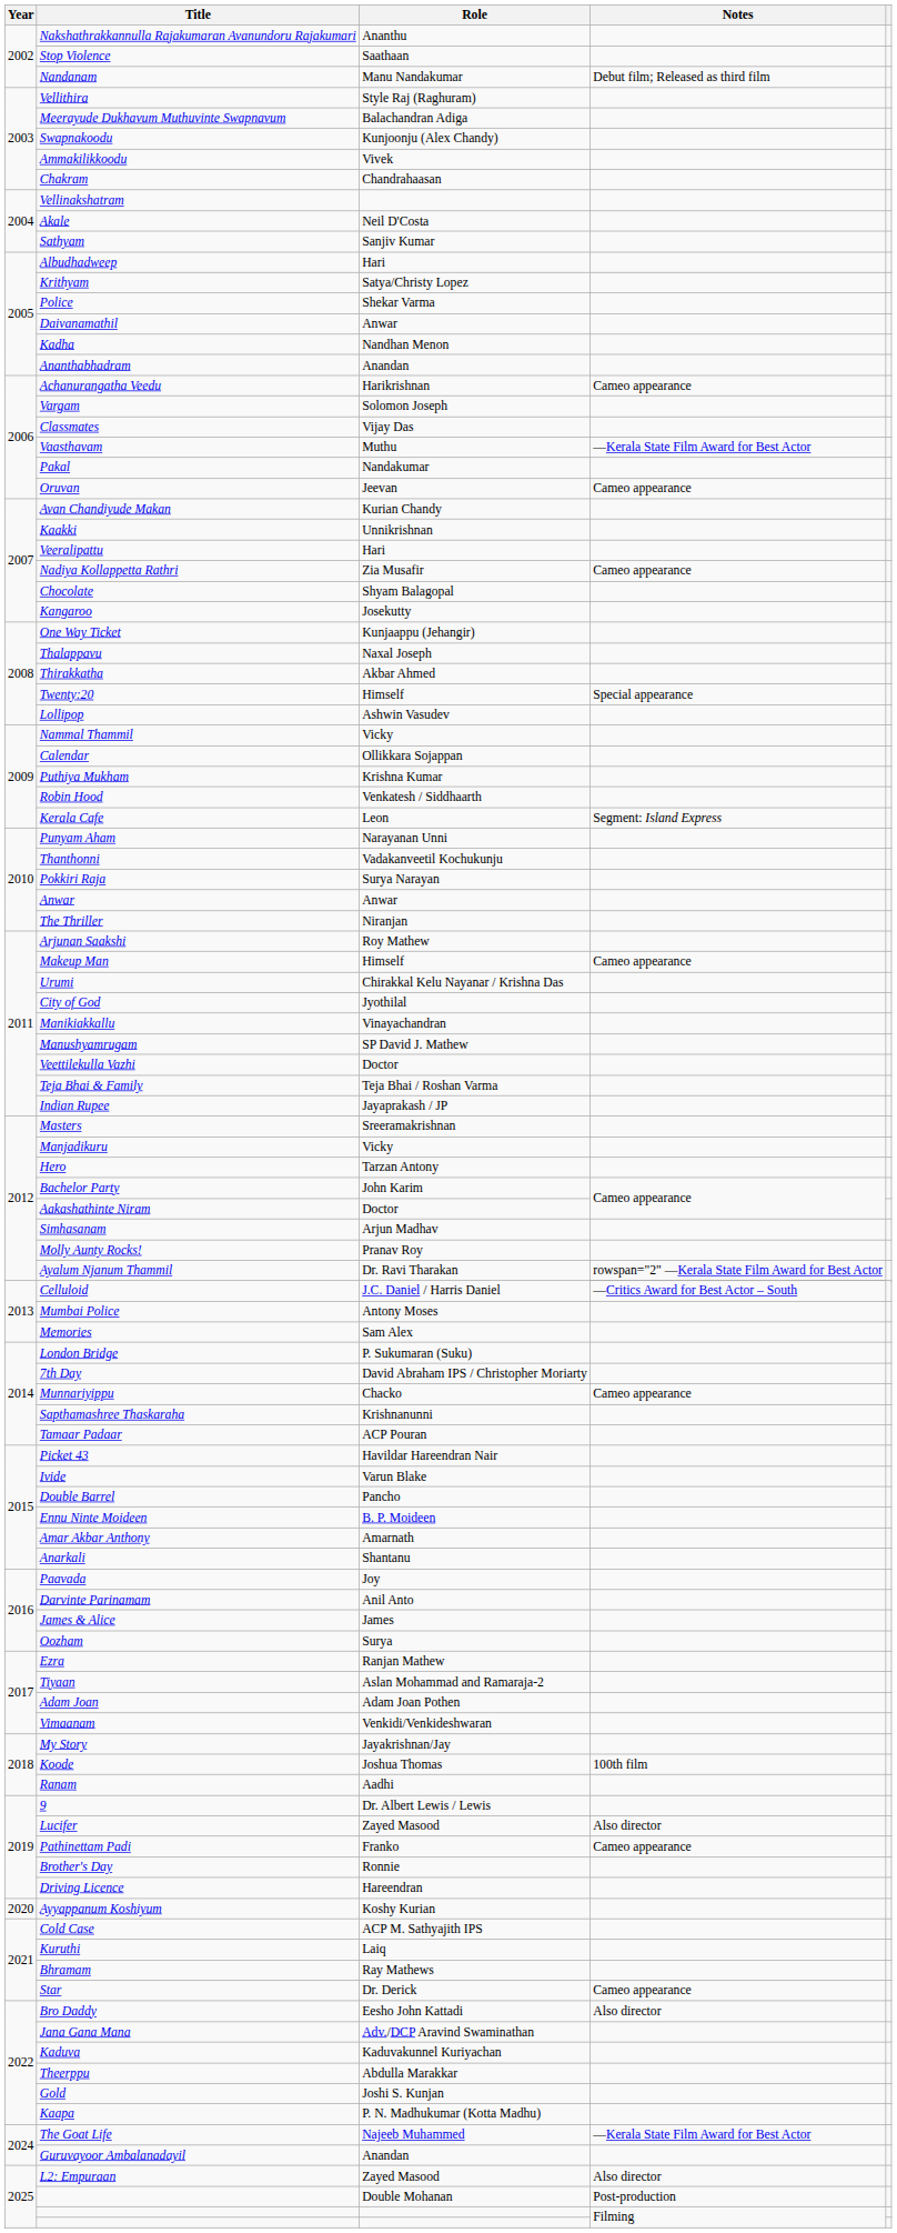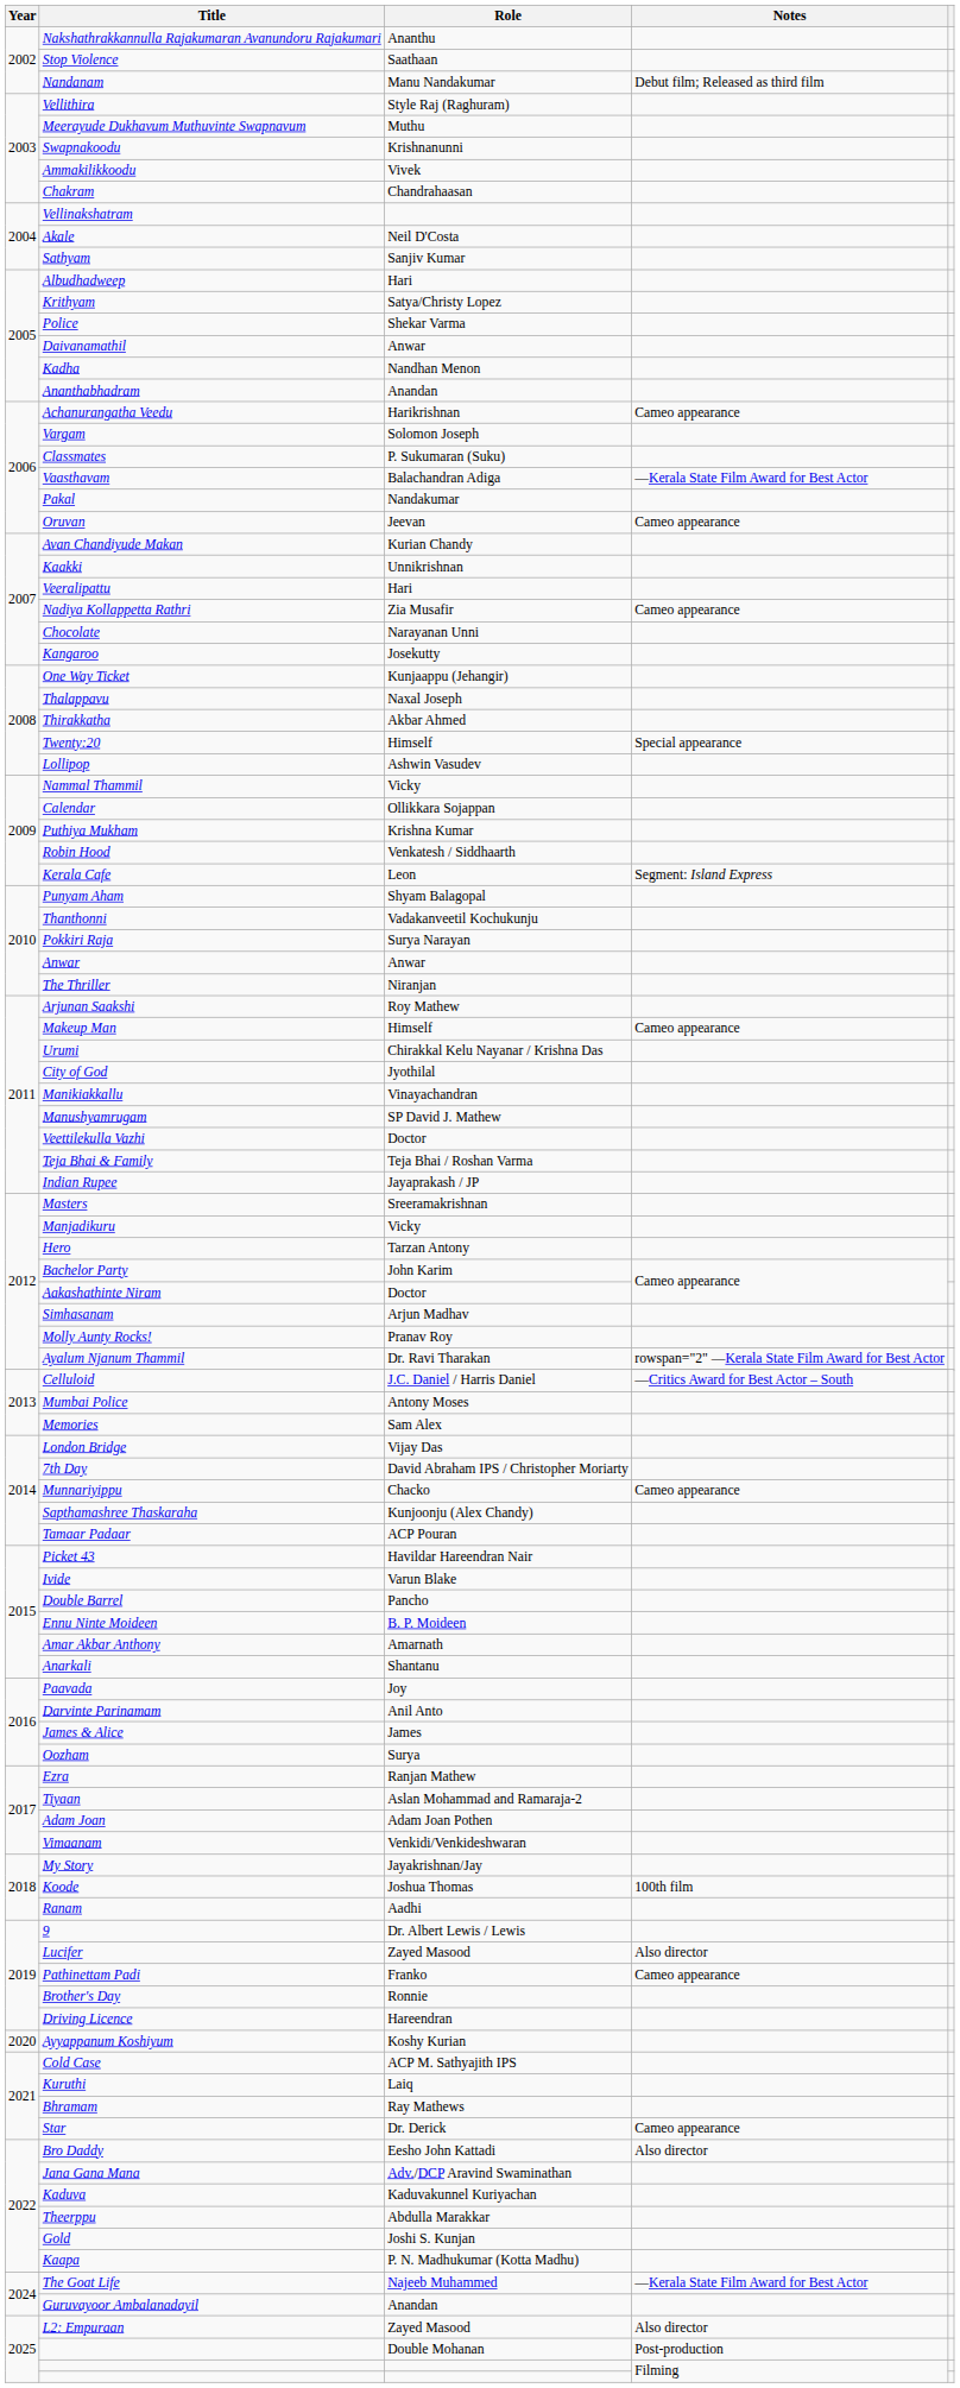 <table class="wikitable sortable">
 <tr>
 <th scope="col">Year</th>
 <th scope="col">Title</th>
 <th scope="col">Role</th>
 <th scope="col" class="unsortable">Notes</th>
 <th scope="col" class="unsortable"></th>
 </tr>
 <tr>
 <td rowspan="3">2002</td>
 <td><em><a href='#'>Nakshathrakkannulla Rajakumaran Avanundoru Rajakumari</a></em></td>
 <td>Ananthu</td>
 <td></td>
 <td></td>
 </tr>
 <tr>
 <td><em><a href='#'>Stop Violence</a></em></td>
 <td>Saathaan</td>
 <td></td>
 <td></td>
 </tr>
 <tr>
 <td><em><a href='#'>Nandanam</a></em></td>
 <td>Manu Nandakumar</td>
 <td>Debut film; Released as third film</td>
 <td></td>
 </tr>
 <tr>
 <td rowspan="5">2003</td>
 <td><em><a href='#'>Vellithira</a></em></td>
 <td>Style Raj (Raghuram)</td>
 <td></td>
 <td></td>
 </tr>
 <tr>
 <td><em><a href='#'>Meerayude Dukhavum Muthuvinte Swapnavum</a></em></td>
-<td>Balachandran Adiga</td>
+<td>Muthu</td>
 <td></td>
 <td></td>
 </tr>
 <tr>
 <td><em><a href='#'>Swapnakoodu</a></em></td>
-<td>Kunjoonju (Alex Chandy)</td>
+<td>Krishnanunni</td>
 <td></td>
 <td></td>
 </tr>
 <tr>
 <td><em><a href='#'>Ammakilikkoodu</a></em></td>
 <td>Vivek</td>
 <td></td>
 <td></td>
 </tr>
 <tr>
 <td><em><a href='#'>Chakram</a></em></td>
 <td>Chandrahaasan</td>
 <td></td>
 <td></td>
 </tr>
 <tr>
 <td rowspan="3">2004</td>
 <td><em><a href='#'>Vellinakshatram</a></em></td>
 <td></td>
 <td></td>
 <td></td>
 </tr>
 <tr>
 <td><em><a href='#'>Akale</a></em></td>
 <td>Neil D'Costa</td>
 <td></td>
 <td></td>
 </tr>
 <tr>
 <td><em><a href='#'>Sathyam</a></em></td>
 <td>Sanjiv Kumar</td>
 <td></td>
 <td></td>
 </tr>
 <tr>
 <td rowspan="6">2005</td>
 <td><em><a href='#'>Albudhadweep</a></em></td>
 <td>Hari</td>
 <td></td>
 <td></td>
 </tr>
 <tr>
 <td><em><a href='#'>Krithyam</a></em></td>
 <td>Satya/Christy Lopez</td>
 <td></td>
 <td></td>
 </tr>
 <tr>
 <td><em><a href='#'>Police</a></em></td>
 <td>Shekar Varma</td>
 <td></td>
 <td></td>
 </tr>
 <tr>
 <td><em><a href='#'>Daivanamathil</a></em></td>
 <td>Anwar</td>
 <td></td>
 <td></td>
 </tr>
 <tr>
 <td><em><a href='#'>Kadha</a></em></td>
 <td>Nandhan Menon</td>
 <td></td>
 <td></td>
 </tr>
 <tr>
 <td><em><a href='#'>Ananthabhadram</a></em></td>
 <td>Anandan</td>
 <td></td>
 <td></td>
 </tr>
 <tr>
 <td rowspan="6">2006</td>
 <td><em><a href='#'>Achanurangatha Veedu</a></em></td>
 <td>Harikrishnan</td>
 <td>Cameo appearance</td>
 <td></td>
 </tr>
 <tr>
 <td><em><a href='#'>Vargam</a></em></td>
 <td>Solomon Joseph</td>
 <td></td>
 <td></td>
 </tr>
 <tr>
 <td><em><a href='#'>Classmates</a></em></td>
-<td>Vijay Das</td>
+<td>P. Sukumaran (Suku)</td>
 <td></td>
 <td></td>
 </tr>
 <tr>
 <td><em><a href='#'>Vaasthavam</a></em></td>
-<td>Muthu</td>
+<td>Balachandran Adiga</td>
 <td>—<a href='#'>Kerala State Film Award for Best Actor</a></td>
 <td style="text-align: center;"></td>
 </tr>
 <tr>
 <td><em><a href='#'>Pakal</a></em></td>
 <td>Nandakumar</td>
 <td></td>
 <td></td>
 </tr>
 <tr>
 <td><em><a href='#'>Oruvan</a></em></td>
 <td>Jeevan</td>
 <td>Cameo appearance</td>
 <td></td>
 </tr>
 <tr>
 <td rowspan="6">2007</td>
 <td><em><a href='#'>Avan Chandiyude Makan</a></em></td>
 <td>Kurian Chandy</td>
 <td></td>
 <td></td>
 </tr>
 <tr>
 <td><em><a href='#'>Kaakki</a></em></td>
 <td>Unnikrishnan</td>
 <td></td>
 <td></td>
 </tr>
 <tr>
 <td><em><a href='#'>Veeralipattu</a></em></td>
 <td>Hari</td>
 <td></td>
 <td></td>
 </tr>
 <tr>
 <td><em><a href='#'>Nadiya Kollappetta Rathri</a></em></td>
 <td>Zia Musafir</td>
 <td>Cameo appearance</td>
 <td></td>
 </tr>
 <tr>
 <td><em><a href='#'>Chocolate</a></em></td>
-<td>Shyam Balagopal</td>
+<td>Narayanan Unni</td>
 <td></td>
 <td></td>
 </tr>
 <tr>
 <td><em><a href='#'>Kangaroo</a></em></td>
 <td>Josekutty</td>
 <td></td>
 <td></td>
 </tr>
 <tr>
 <td rowspan="5">2008</td>
 <td><em><a href='#'>One Way Ticket</a></em></td>
 <td>Kunjaappu (Jehangir)</td>
 <td></td>
 <td></td>
 </tr>
 <tr>
 <td><em><a href='#'>Thalappavu</a></em></td>
 <td>Naxal Joseph</td>
 <td></td>
 <td></td>
 </tr>
 <tr>
 <td><em><a href='#'>Thirakkatha</a></em></td>
 <td>Akbar Ahmed</td>
 <td></td>
 <td></td>
 </tr>
 <tr>
 <td><em><a href='#'>Twenty:20</a></em></td>
 <td>Himself</td>
 <td>Special appearance</td>
 <td></td>
 </tr>
 <tr>
 <td><em><a href='#'>Lollipop</a></em></td>
 <td>Ashwin Vasudev</td>
 <td></td>
 <td></td>
 </tr>
 <tr>
 <td rowspan="5">2009</td>
 <td><em><a href='#'>Nammal Thammil</a></em></td>
 <td>Vicky</td>
 <td></td>
 <td></td>
 </tr>
 <tr>
 <td><em><a href='#'>Calendar</a></em></td>
 <td>Ollikkara Sojappan</td>
 <td></td>
 <td></td>
 </tr>
 <tr>
 <td><em><a href='#'>Puthiya Mukham</a></em></td>
 <td>Krishna Kumar</td>
 <td></td>
 <td></td>
 </tr>
 <tr>
 <td><em><a href='#'>Robin Hood</a></em></td>
 <td>Venkatesh / Siddhaarth</td>
 <td></td>
 <td></td>
 </tr>
 <tr>
 <td><em><a href='#'>Kerala Cafe</a></em></td>
 <td>Leon</td>
 <td>Segment: <em>Island Express</em></td>
 <td></td>
 </tr>
 <tr>
 <td rowspan="5">2010</td>
 <td><em><a href='#'>Punyam Aham</a></em></td>
-<td>Narayanan Unni</td>
+<td>Shyam Balagopal</td>
 <td></td>
 <td></td>
 </tr>
 <tr>
 <td><em><a href='#'>Thanthonni</a></em></td>
 <td>Vadakanveetil Kochukunju</td>
 <td></td>
 <td></td>
 </tr>
 <tr>
 <td><em><a href='#'>Pokkiri Raja</a></em></td>
 <td>Surya Narayan</td>
 <td></td>
 <td></td>
 </tr>
 <tr>
 <td><em><a href='#'>Anwar</a></em></td>
 <td>Anwar</td>
 <td></td>
 <td></td>
 </tr>
 <tr>
 <td><em><a href='#'>The Thriller</a></em></td>
 <td>Niranjan</td>
 <td></td>
 <td></td>
 </tr>
 <tr>
 <td rowspan="9">2011</td>
 <td><em><a href='#'>Arjunan Saakshi</a></em></td>
 <td>Roy Mathew</td>
 <td></td>
 <td></td>
 </tr>
 <tr>
 <td><em><a href='#'>Makeup Man</a></em></td>
 <td>Himself</td>
 <td>Cameo appearance</td>
 <td></td>
 </tr>
 <tr>
 <td><em><a href='#'>Urumi</a></em></td>
 <td>Chirakkal Kelu Nayanar / Krishna Das</td>
 <td></td>
 <td></td>
 </tr>
 <tr>
 <td><em><a href='#'>City of God</a></em></td>
 <td>Jyothilal</td>
 <td></td>
 <td></td>
 </tr>
 <tr>
 <td><em><a href='#'>Manikiakkallu</a></em></td>
 <td>Vinayachandran</td>
 <td></td>
 <td></td>
 </tr>
 <tr>
 <td><em><a href='#'>Manushyamrugam</a></em></td>
 <td>SP David J. Mathew</td>
 <td></td>
 <td></td>
 </tr>
 <tr>
 <td><em><a href='#'>Veettilekulla Vazhi</a></em></td>
 <td>Doctor</td>
 <td></td>
 <td></td>
 </tr>
 <tr>
 <td><em><a href='#'>Teja Bhai & Family</a></em></td>
 <td>Teja Bhai / Roshan Varma</td>
 <td></td>
 <td></td>
 </tr>
 <tr>
 <td><em><a href='#'>Indian Rupee</a></em></td>
 <td>Jayaprakash / JP</td>
 <td></td>
 <td></td>
 </tr>
 <tr>
 <td rowspan="8">2012</td>
 <td><em><a href='#'>Masters</a></em></td>
 <td>Sreeramakrishnan</td>
 <td></td>
 <td></td>
 </tr>
 <tr>
 <td><em><a href='#'>Manjadikuru</a></em></td>
 <td>Vicky</td>
 <td></td>
 <td></td>
 </tr>
 <tr>
 <td><em><a href='#'>Hero</a></em></td>
 <td>Tarzan Antony</td>
 <td></td>
 <td></td>
 </tr>
 <tr>
 <td><em><a href='#'>Bachelor Party</a></em></td>
 <td>John Karim</td>
 <td rowspan="2">Cameo appearance</td>
 <td></td>
 </tr>
 <tr>
 <td><em><a href='#'>Aakashathinte Niram</a></em></td>
 <td>Doctor</td>
 <td></td>
 </tr>
 <tr>
 <td><em><a href='#'>Simhasanam</a></em></td>
 <td>Arjun Madhav</td>
 <td></td>
 <td></td>
 </tr>
 <tr>
 <td><em><a href='#'>Molly Aunty Rocks!</a></em></td>
 <td>Pranav Roy</td>
 <td></td>
 <td></td>
 </tr>
 <tr>
 <td><em><a href='#'>Ayalum Njanum Thammil</a></em></td>
 <td>Dr. Ravi Tharakan</td>
 <td>rowspan="2" —<a href='#'>Kerala State Film Award for Best Actor</a></td>
 <td rowspan="2" style="text-align: center;"></td>
 </tr>
 <tr>
 <td rowspan="4">2013</td>
 <td rowspan="2"><em><a href='#'>Celluloid</a></em></td>
 <td rowspan="2"><a href='#'>J.C. Daniel</a> / Harris Daniel</td>
 </tr>
 <tr>
 <td>—<a href='#'>Critics Award for Best Actor – South</a></td>
 <td style="text-align: center;"></td>
 </tr>
 <tr>
 <td><em><a href='#'>Mumbai Police</a></em></td>
 <td>Antony Moses</td>
 <td></td>
 <td></td>
 </tr>
 <tr>
 <td><em><a href='#'>Memories</a></em></td>
 <td>Sam Alex</td>
 <td></td>
 <td></td>
 </tr>
 <tr>
 <td rowspan="5">2014</td>
 <td><em><a href='#'>London Bridge</a></em></td>
-<td>P. Sukumaran (Suku)</td>
+<td>Vijay Das</td>
 <td></td>
 <td></td>
 </tr>
 <tr>
 <td><em><a href='#'>7th Day</a></em></td>
 <td>David Abraham IPS / Christopher Moriarty</td>
 <td></td>
 <td></td>
 </tr>
 <tr>
 <td><em><a href='#'>Munnariyippu</a></em></td>
 <td>Chacko</td>
 <td>Cameo appearance</td>
 <td></td>
 </tr>
 <tr>
 <td><em><a href='#'>Sapthamashree Thaskaraha</a></em></td>
-<td>Krishnanunni</td>
+<td>Kunjoonju (Alex Chandy)</td>
 <td></td>
 <td></td>
 </tr>
 <tr>
 <td><em><a href='#'>Tamaar Padaar</a></em></td>
 <td>ACP Pouran</td>
 <td></td>
 <td></td>
 </tr>
 <tr>
 <td rowspan="6">2015</td>
 <td><em><a href='#'>Picket 43</a></em></td>
 <td>Havildar Hareendran Nair</td>
 <td></td>
 <td></td>
 </tr>
 <tr>
 <td><em><a href='#'>Ivide</a></em></td>
 <td>Varun Blake</td>
 <td></td>
 <td></td>
 </tr>
 <tr>
 <td><em><a href='#'>Double Barrel</a></em></td>
 <td>Pancho</td>
 <td></td>
 <td></td>
 </tr>
 <tr>
 <td><em><a href='#'>Ennu Ninte Moideen</a></em></td>
 <td><a href='#'>B. P. Moideen</a></td>
 <td></td>
 <td></td>
 </tr>
 <tr>
 <td><em><a href='#'>Amar Akbar Anthony</a></em></td>
 <td>Amarnath</td>
 <td></td>
 <td></td>
 </tr>
 <tr>
 <td><em><a href='#'>Anarkali</a></em></td>
 <td>Shantanu</td>
 <td></td>
 <td></td>
 </tr>
 <tr>
 <td rowspan="4">2016</td>
 <td><em><a href='#'>Paavada</a></em></td>
 <td>Joy</td>
 <td></td>
 <td></td>
 </tr>
 <tr>
 <td><em><a href='#'>Darvinte Parinamam</a></em></td>
 <td>Anil Anto</td>
 <td></td>
 <td></td>
 </tr>
 <tr>
 <td><em><a href='#'>James & Alice</a></em></td>
 <td>James</td>
 <td></td>
 <td></td>
 </tr>
 <tr>
 <td><em><a href='#'>Oozham</a></em></td>
 <td>Surya</td>
 <td></td>
 <td></td>
 </tr>
 <tr>
 <td rowspan="4">2017</td>
 <td><em><a href='#'>Ezra</a></em></td>
 <td>Ranjan Mathew</td>
 <td></td>
 <td></td>
 </tr>
 <tr>
 <td><em><a href='#'>Tiyaan</a></em></td>
 <td>Aslan Mohammad and Ramaraja-2</td>
 <td></td>
 <td></td>
 </tr>
 <tr>
 <td><em><a href='#'>Adam Joan</a></em></td>
 <td>Adam Joan Pothen</td>
 <td></td>
 <td></td>
 </tr>
 <tr>
 <td><em><a href='#'>Vimaanam</a></em></td>
 <td>Venkidi/Venkideshwaran</td>
 <td></td>
 <td></td>
 </tr>
 <tr>
 <td rowspan="3">2018</td>
 <td><em><a href='#'>My Story</a></em></td>
 <td>Jayakrishnan/Jay</td>
 <td></td>
 <td></td>
 </tr>
 <tr>
 <td><em><a href='#'>Koode</a></em></td>
 <td>Joshua Thomas</td>
 <td>100th film</td>
 <td></td>
 </tr>
 <tr>
 <td><em><a href='#'>Ranam</a></em></td>
 <td>Aadhi</td>
 <td></td>
 <td></td>
 </tr>
 <tr>
 <td rowspan="5">2019</td>
 <td><em><a href='#'>9</a></em></td>
 <td>Dr. Albert Lewis / Lewis</td>
 <td></td>
 <td></td>
 </tr>
 <tr>
 <td><em><a href='#'>Lucifer</a></em></td>
 <td>Zayed Masood</td>
 <td>Also director</td>
 <td></td>
 </tr>
 <tr>
 <td><em><a href='#'>Pathinettam Padi</a></em></td>
 <td>Franko</td>
 <td>Cameo appearance</td>
 <td></td>
 </tr>
 <tr>
 <td><em><a href='#'>Brother's Day</a></em></td>
 <td>Ronnie</td>
 <td></td>
 <td></td>
 </tr>
 <tr>
 <td><em><a href='#'>Driving Licence</a></em></td>
 <td>Hareendran</td>
 <td></td>
 <td></td>
 </tr>
 <tr>
 <td>2020</td>
 <td><em><a href='#'>Ayyappanum Koshiyum</a></em></td>
 <td>Koshy Kurian</td>
 <td></td>
 <td></td>
 </tr>
 <tr>
 <td rowspan="4">2021</td>
 <td><em><a href='#'>Cold Case</a></em></td>
 <td>ACP M. Sathyajith IPS</td>
 <td></td>
 <td></td>
 </tr>
 <tr>
 <td><em><a href='#'>Kuruthi</a></em></td>
 <td>Laiq</td>
 <td></td>
 <td></td>
 </tr>
 <tr>
 <td><em><a href='#'>Bhramam</a></em></td>
 <td>Ray Mathews</td>
 <td></td>
 <td></td>
 </tr>
 <tr>
 <td><em><a href='#'>Star</a></em></td>
 <td>Dr. Derick</td>
 <td>Cameo appearance</td>
 <td></td>
 </tr>
 <tr>
 <td rowspan=6>2022</td>
 <td><em><a href='#'>Bro Daddy</a></em></td>
 <td>Eesho John Kattadi</td>
 <td>Also director</td>
 <td></td>
 </tr>
 <tr>
 <td><em><a href='#'>Jana Gana Mana</a></em></td>
 <td><a href='#'>Adv.</a>/<a href='#'>DCP</a> Aravind Swaminathan</td>
 <td></td>
 <td></td>
 </tr>
 <tr>
 <td><em><a href='#'>Kaduva</a></em></td>
 <td>Kaduvakunnel Kuriyachan</td>
 <td></td>
 <td></td>
 </tr>
 <tr>
 <td><em><a href='#'>Theerppu</a></em></td>
 <td>Abdulla Marakkar</td>
 <td></td>
 <td></td>
 </tr>
 <tr>
 <td><em><a href='#'>Gold</a></em></td>
 <td>Joshi S. Kunjan</td>
 <td></td>
 <td></td>
 </tr>
 <tr>
 <td><em><a href='#'>Kaapa</a></em></td>
 <td>P. N. Madhukumar (Kotta Madhu)</td>
 <td></td>
 <td></td>
 </tr>
 <tr>
 <td rowspan="2">2024</td>
 <td><em><a href='#'>The Goat Life </a></em></td>
 <td><a href='#'>Najeeb Muhammed</a></td>
 <td>—<a href='#'>Kerala State Film Award for Best Actor</a></td>
 <td></td>
 </tr>
 <tr>
 <td><em><a href='#'>Guruvayoor Ambalanadayil</a></em></td>
 <td>Anandan</td>
 <td></td>
 <td></td>
 </tr>
 <tr>
 <td rowspan="4">2025</td>
 <td><em><a href='#'>L2: Empuraan</a></em></td>
 <td>Zayed Masood</td>
 <td>Also director</td>
 <td></td>
 </tr>
 <tr>
 <td></td>
 <td>Double Mohanan</td>
 <td>Post-production</td>
 <td></td>
 </tr>
 <tr>
 <td></td>
 <td></td>
 <td rowspan="2">Filming</td>
 <td></td>
 </tr>
 <tr>
 <td></td>
 <td></td>
 <td></td>
 </tr>
 </table>
